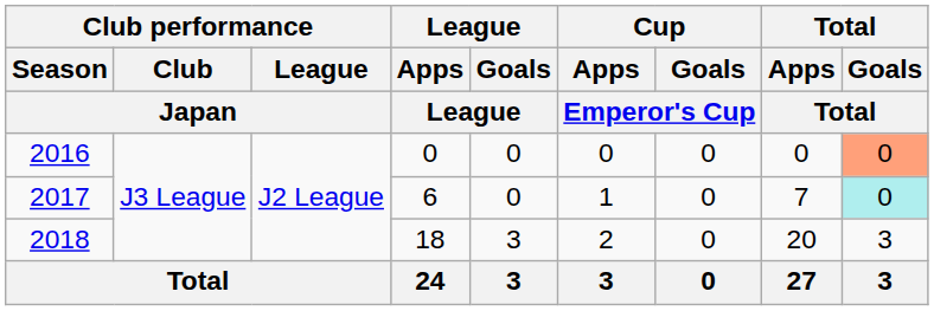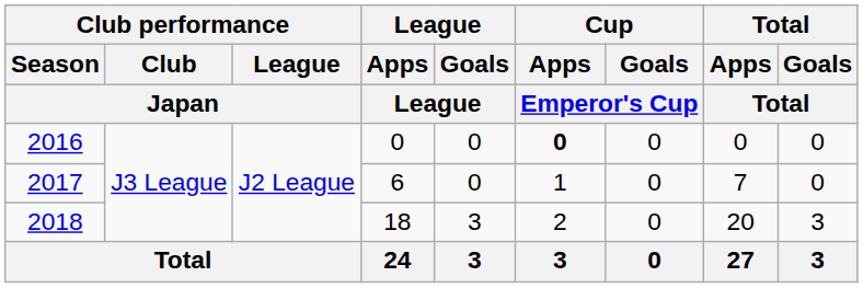 <table class="wikitable" style="text-align:center;">
 <tr>
 <th colspan=3>Club performance</th>
 <th colspan=2>League</th>
 <th colspan=2>Cup</th>
 <th colspan=2>Total</th>
 </tr>
 <tr>
 <th>Season</th>
 <th>Club</th>
 <th>League</th>
 <th>Apps</th>
 <th>Goals</th>
 <th>Apps</th>
 <th>Goals</th>
 <th>Apps</th>
 <th>Goals</th>
 </tr>
 <tr>
 <th colspan=3>Japan</th>
 <th colspan=2>League</th>
 <th colspan=2><a href='#'>Emperor's Cup</a></th>
 <th colspan=2>Total</th>
 </tr>
 <tr>
 <td><a href='#'>2016</a></td>
 <td rowspan="3"><a href='#'>J3 League</a></td>
 <td rowspan="3"><a href='#'>J2 League</a></td>
 <td>0</td>
 <td>0</td>
+<td><strong>0</strong></td>
 <td>0</td>
 <td>0</td>
 <td>0</td>
-<td style="background: lightsalmon;">0</td>
 </tr>
 <tr>
 <td><a href='#'>2017</a></td>
 <td>6</td>
 <td>0</td>
 <td>1</td>
 <td>0</td>
 <td>7</td>
-<td style="background: paleturquoise;">0</td>
+<td>0</td>
 </tr>
 <tr>
 <td><a href='#'>2018</a></td>
 <td>18</td>
 <td>3</td>
 <td>2</td>
 <td>0</td>
 <td>20</td>
 <td>3</td>
 </tr>
 <tr>
 <th colspan=3>Total</th>
 <th>24</th>
 <th>3</th>
 <th>3</th>
 <th>0</th>
 <th>27</th>
 <th>3</th>
 </tr>
 </table>
